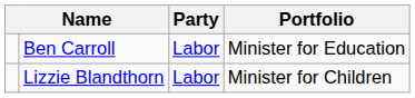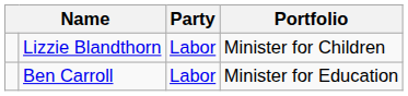 <table class="wikitable">
 <tr>
 <th colspan="2">Name</th>
 <th>Party</th>
 <th>Portfolio</th>
 </tr>
 <tr>
 <td width=5px style="color:inherit;background:"></td>
+<td><a href='#'>Lizzie Blandthorn</a></td>
+<td><a href='#'>Labor</a></td>
+<td>Minister for Children</td>
+</tr>
+<tr>
+<td width=5px style="color:inherit;background:"></td>
 <td><a href='#'>Ben Carroll</a></td>
 <td><a href='#'>Labor</a></td>
 <td>Minister for Education</td>
 </tr>
-<tr>
-<td width=5px style="color:inherit;background:"></td>
-<td><a href='#'>Lizzie Blandthorn</a></td>
-<td><a href='#'>Labor</a></td>
-<td>Minister for Children</td>
-</tr>
 </table>
